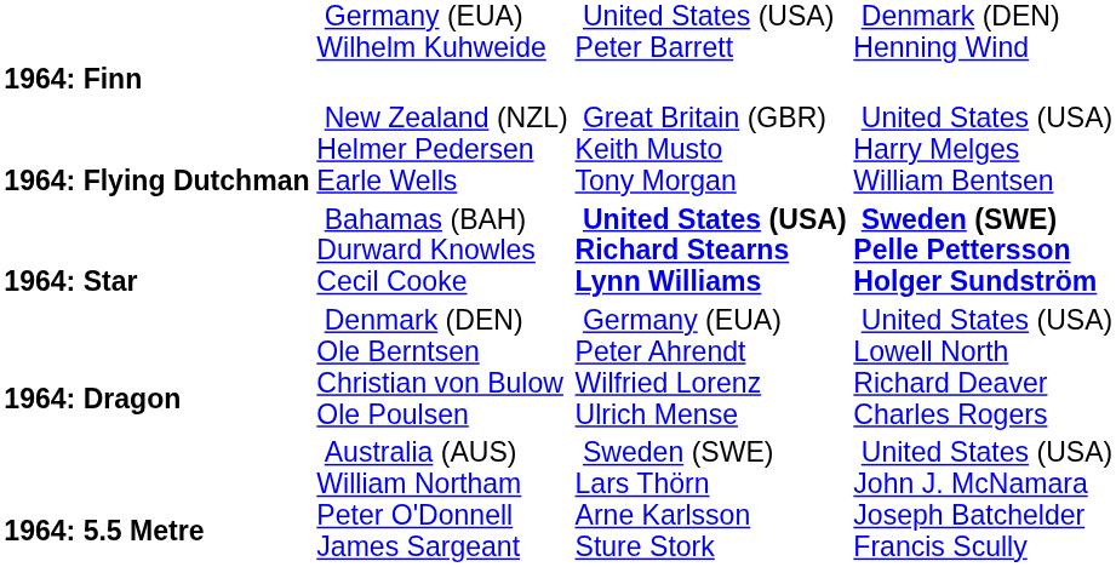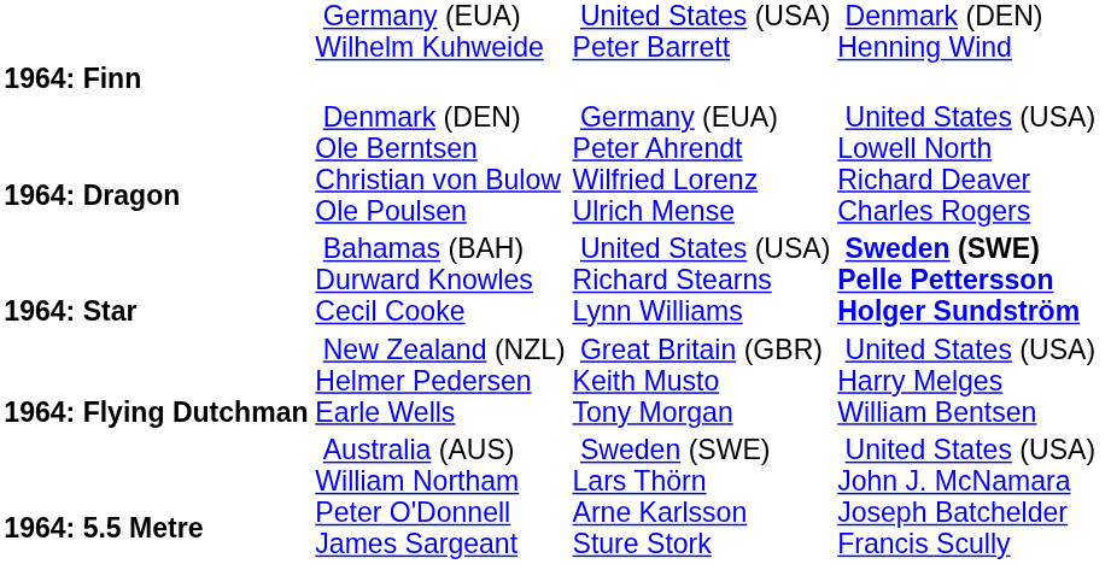 <table>
 <tr>
 <td style="align:center;"><br><br><strong>1964: Finn</strong> <br></td>
 <td style="vertical-align:top;"> <a href='#'>Germany</a> <span>(EUA)</span><br><a href='#'>Wilhelm Kuhweide</a></td>
 <td style="vertical-align:top;"> <a href='#'>United States</a> <span>(USA)</span><br><a href='#'>Peter Barrett</a></td>
 <td style="vertical-align:top;"> <a href='#'>Denmark</a> <span>(DEN)</span><br><a href='#'>Henning Wind</a></td>
 </tr>
 <tr>
+<td style="align:center;"><br><br><strong>1964: Dragon</strong> <br></td>
+<td style="vertical-align:top;"> <a href='#'>Denmark</a> <span>(DEN)</span><br><a href='#'>Ole Berntsen</a><br><a href='#'>Christian von Bulow</a><br><a href='#'>Ole Poulsen</a></td>
+<td style="vertical-align:top;"> <a href='#'>Germany</a> <span>(EUA)</span><br><a href='#'>Peter Ahrendt</a><br><a href='#'>Wilfried Lorenz</a><br><a href='#'>Ulrich Mense</a></td>
+<td style="vertical-align:top;"> <a href='#'>United States</a> <span>(USA)</span><br><a href='#'>Lowell North</a><br><a href='#'>Richard Deaver</a><br><a href='#'>Charles Rogers</a></td>
+</tr>
+<tr>
+<td style="align:center;"><br><br><strong>1964: Star</strong> <br></td>
+<td style="vertical-align:top;"> <a href='#'>Bahamas</a> <span>(BAH)</span><br><a href='#'>Durward Knowles</a><br><a href='#'>Cecil Cooke</a></td>
+<td style="vertical-align:top;"> <a href='#'>United States</a> <span>(USA)</span><br><a href='#'>Richard Stearns</a><br><a href='#'>Lynn Williams</a></td>
+<td style="vertical-align:top;"><strong> <a href='#'>Sweden</a> <span>(SWE)</span><br><a href='#'>Pelle Pettersson</a><br><a href='#'>Holger Sundström</a></strong></td>
+</tr>
+<tr>
 <td style="align:center;"><br><br><strong>1964: Flying Dutchman</strong> <br></td>
 <td style="vertical-align:top;"> <a href='#'>New Zealand</a> <span>(NZL)</span><br><a href='#'>Helmer Pedersen</a><br><a href='#'>Earle Wells</a></td>
 <td style="vertical-align:top;"> <a href='#'>Great Britain</a> <span>(GBR)</span><br><a href='#'>Keith Musto</a><br><a href='#'>Tony Morgan</a></td>
 <td style="vertical-align:top;"> <a href='#'>United States</a> <span>(USA)</span><br><a href='#'>Harry Melges</a><br><a href='#'>William Bentsen</a></td>
-</tr>
-<tr>
-<td style="align:center;"><br><br><strong>1964: Star</strong> <br></td>
-<td style="vertical-align:top;"> <a href='#'>Bahamas</a> <span>(BAH)</span><br><a href='#'>Durward Knowles</a><br><a href='#'>Cecil Cooke</a></td>
-<td style="vertical-align:top;"><strong> <a href='#'>United States</a> <span>(USA)</span><br><a href='#'>Richard Stearns</a><br><a href='#'>Lynn Williams</a></strong></td>
-<td style="vertical-align:top;"><strong> <a href='#'>Sweden</a> <span>(SWE)</span><br><a href='#'>Pelle Pettersson</a><br><a href='#'>Holger Sundström</a></strong></td>
-</tr>
-<tr>
-<td style="align:center;"><br><br><strong>1964: Dragon</strong> <br></td>
-<td style="vertical-align:top;"> <a href='#'>Denmark</a> <span>(DEN)</span><br><a href='#'>Ole Berntsen</a><br><a href='#'>Christian von Bulow</a><br><a href='#'>Ole Poulsen</a></td>
-<td style="vertical-align:top;"> <a href='#'>Germany</a> <span>(EUA)</span><br><a href='#'>Peter Ahrendt</a><br><a href='#'>Wilfried Lorenz</a><br><a href='#'>Ulrich Mense</a></td>
-<td style="vertical-align:top;"> <a href='#'>United States</a> <span>(USA)</span><br><a href='#'>Lowell North</a><br><a href='#'>Richard Deaver</a><br><a href='#'>Charles Rogers</a></td>
 </tr>
 <tr>
 <td style="align:center;"><br><br><strong>1964: 5.5 Metre</strong> <br></td>
 <td style="vertical-align:top;"> <a href='#'>Australia</a> <span>(AUS)</span><br><a href='#'>William Northam</a><br><a href='#'>Peter O'Donnell</a><br><a href='#'>James Sargeant</a></td>
 <td style="vertical-align:top;"> <a href='#'>Sweden</a> <span>(SWE)</span><br><a href='#'>Lars Thörn</a><br><a href='#'>Arne Karlsson</a><br><a href='#'>Sture Stork</a></td>
 <td style="vertical-align:top;"> <a href='#'>United States</a> <span>(USA)</span><br><a href='#'>John J. McNamara</a><br><a href='#'>Joseph Batchelder</a><br><a href='#'>Francis Scully</a></td>
 </tr>
 </table>
